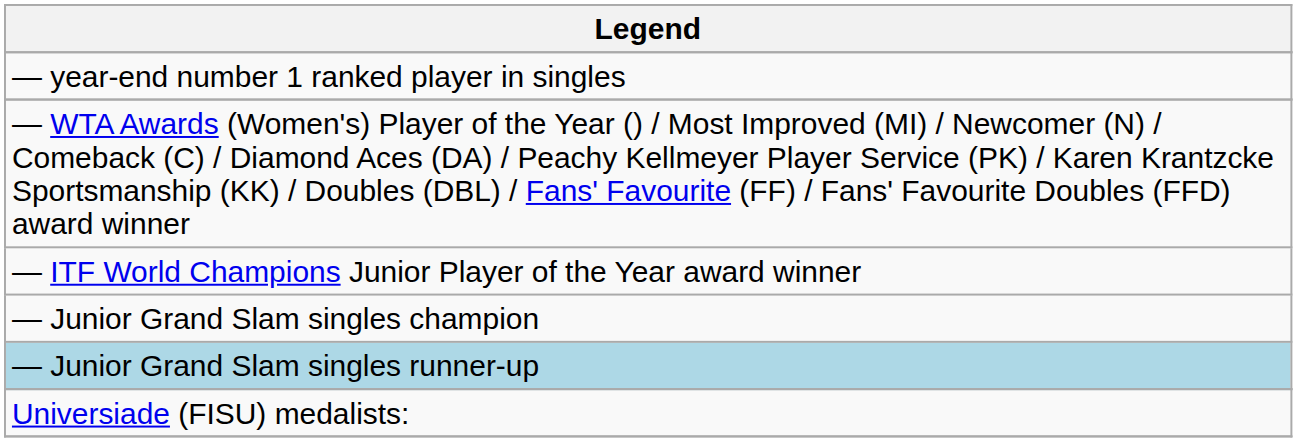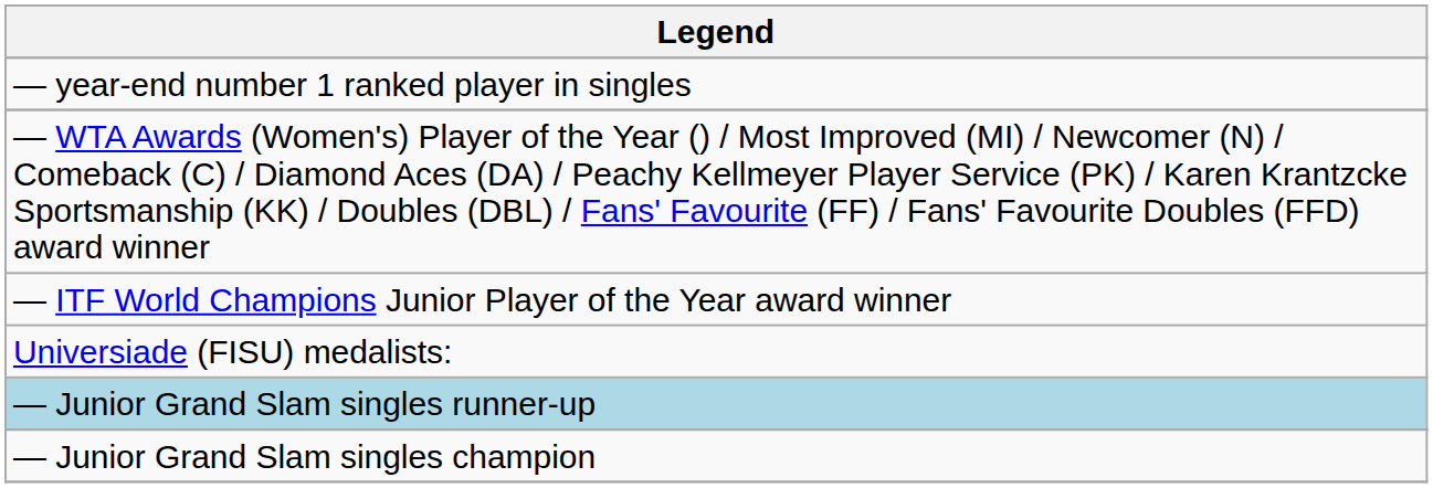 <table class="wikitable" style="font-size:95%; width:43em">
 <tr>
 <th>Legend</th>
 </tr>
 <tr>
 </tr>
 <tr>
 <td> — year-end number 1 ranked player in singles</td>
 </tr>
 <tr>
 </tr>
 <tr>
 <td> — <a href='#'>WTA Awards</a> (Women's) Player of the Year () / Most Improved (MI) / Newcomer (N) / Comeback (C) / Diamond Aces (DA) / Peachy Kellmeyer Player Service (PK) / Karen Krantzcke Sportsmanship (KK) / Doubles (DBL) / <a href='#'>Fans' Favourite</a> (FF) / Fans' Favourite Doubles (FFD) award winner</td>
 </tr>
 <tr>
 <td> — <a href='#'>ITF World Champions</a> Junior Player of the Year award winner</td>
 </tr>
 <tr>
-<td> — Junior Grand Slam singles champion</td>
+<td><a href='#'>Universiade</a> (FISU) medalists:<br></td>
 </tr>
 <tr>
 <td style="background: lightblue;"> — Junior Grand Slam singles runner-up</td>
 </tr>
 <tr>
 </tr>
 <tr>
-<td><a href='#'>Universiade</a> (FISU) medalists:<br></td>
+<td> — Junior Grand Slam singles champion</td>
 </tr>
 <tr>
 </tr>
 </table>
